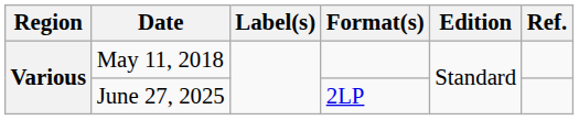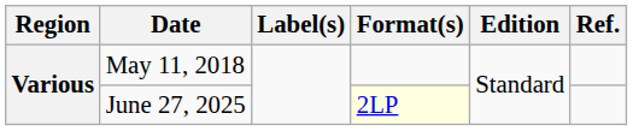 <table class="wikitable plainrowheaders">
 <tr>
 <th scope="col">Region</th>
 <th scope="col">Date</th>
 <th scope="col">Label(s)</th>
 <th scope="col">Format(s)</th>
 <th scope="col">Edition</th>
 <th scope="col">Ref.</th>
 </tr>
 <tr>
 <th rowspan="2" scope="row">Various</th>
 <td>May 11, 2018</td>
 <td rowspan="2"></td>
 <td></td>
 <td rowspan="2">Standard</td>
 <td></td>
 </tr>
 <tr>
 <td>June 27, 2025</td>
-<td><a href='#'>2LP</a></td>
+<td style="background: lightyellow;"><a href='#'>2LP</a></td>
 <td></td>
 </tr>
 </table>
